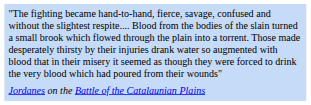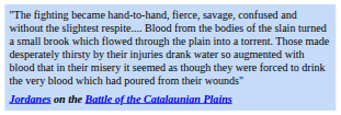 <table class="toccolours" style="float: left; margin-left: 1em; margin-right: 2em; font-size: 85%; background:#c6dbf7; color:black; width:30em; max-width: 40%;" cellspacing="5">
 <tr>
 <td style="text-align: left;">"The fighting became hand-to-hand, fierce, savage, confused and without the slightest respite.... Blood from the bodies of the slain turned a small brook which flowed through the plain into a torrent. Those made desperately thirsty by their injuries drank water so augmented with blood that in their misery it seemed as though they were forced to drink the very blood which had poured from their wounds"</td>
 </tr>
 <tr>
-<td style="text-align: left;"><em><a href='#'>Jordanes</a> on the <a href='#'>Battle of the Catalaunian Plains</a></em></td>
+<td style="text-align: left;"><strong><em><a href='#'>Jordanes</a> on the <a href='#'>Battle of the Catalaunian Plains</a></em></strong></td>
 </tr>
 </table>
